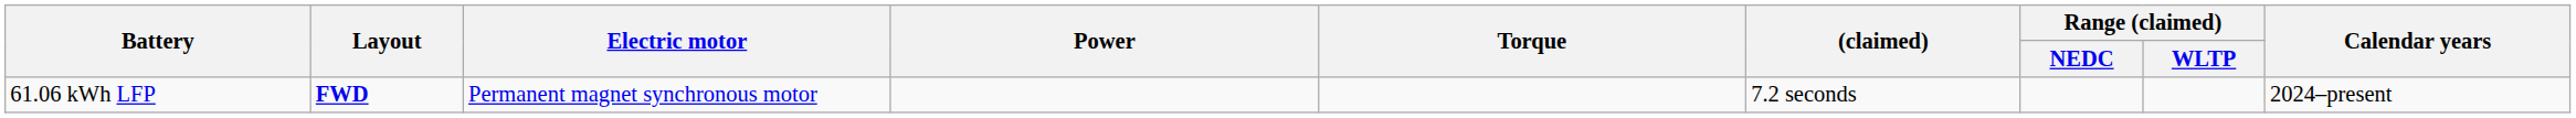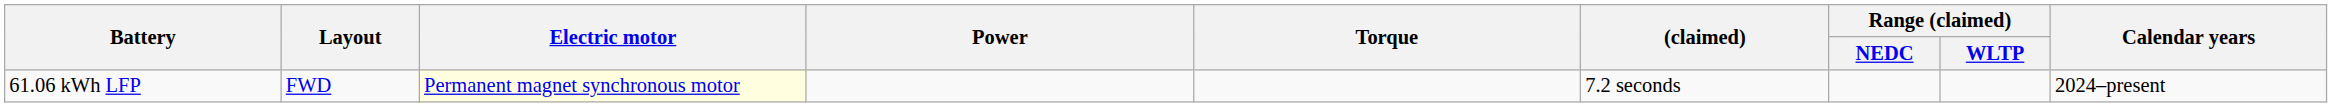 <table class="wikitable" style="text-align:left">
 <tr>
 <th rowspan="2" width="10%">Battery</th>
 <th rowspan="2" width="5%">Layout</th>
 <th rowspan="2" width="14%"><a href='#'>Electric motor</a></th>
 <th rowspan="2" width="14%">Power</th>
 <th rowspan="2" width="14%">Torque</th>
 <th rowspan="2" width="9%"> (claimed)</th>
 <th colspan="2">Range (claimed)</th>
 <th rowspan="2" width="10%">Calendar years</th>
 </tr>
 <tr>
 <th width="4%"><a href='#'>NEDC</a></th>
 <th width="4%"><a href='#'>WLTP</a></th>
 </tr>
 <tr>
 <td>61.06 kWh <a href='#'>LFP</a></td>
-<td><strong><a href='#'>FWD</a></strong></td>
-<td><a href='#'>Permanent magnet synchronous motor</a></td>
+<td><a href='#'>FWD</a></td>
+<td style="background: lightyellow;"><a href='#'>Permanent magnet synchronous motor</a></td>
 <td></td>
 <td></td>
 <td>7.2 seconds</td>
 <td></td>
 <td></td>
 <td>2024–present</td>
 </tr>
 </table>
